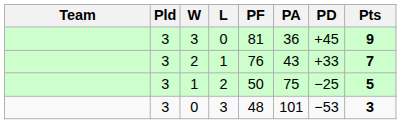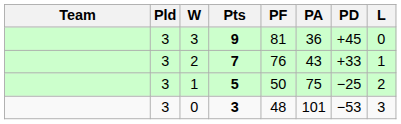 <table class="wikitable" style="text-align:center;">
 <tr>
 <th width="155">Team</th>
 <th width="25">Pld</th>
 <th width="25">W</th>
-<th width="25">L</th>
+<th width="50">Pts</th>
 <th width="32">PF</th>
 <th width="32">PA</th>
 <th width="32">PD</th>
-<th width="50">Pts</th>
+<th width="25">L</th>
 </tr>
 <tr style="background:#ccffcc">
 <td align="left"></td>
 <td>3</td>
 <td>3</td>
-<td>0</td>
+<td><strong>9</strong></td>
 <td>81</td>
 <td>36</td>
 <td>+45</td>
-<td><strong>9</strong></td>
+<td>0</td>
 </tr>
 <tr style="background:#ccffcc">
 <td align="left"></td>
 <td>3</td>
 <td>2</td>
-<td>1</td>
+<td><strong>7</strong></td>
 <td>76</td>
 <td>43</td>
 <td>+33</td>
-<td><strong>7</strong></td>
+<td>1</td>
 </tr>
 <tr style="background:#ccffcc">
 <td align="left"></td>
 <td>3</td>
 <td>1</td>
-<td>2</td>
+<td><strong>5</strong></td>
 <td>50</td>
 <td>75</td>
 <td>−25</td>
-<td><strong>5</strong></td>
+<td>2</td>
 </tr>
 <tr>
 <td align="left"></td>
 <td>3</td>
 <td>0</td>
-<td>3</td>
+<td><strong>3</strong></td>
 <td>48</td>
 <td>101</td>
 <td>−53</td>
-<td><strong>3</strong></td>
+<td>3</td>
 </tr>
 </table>
